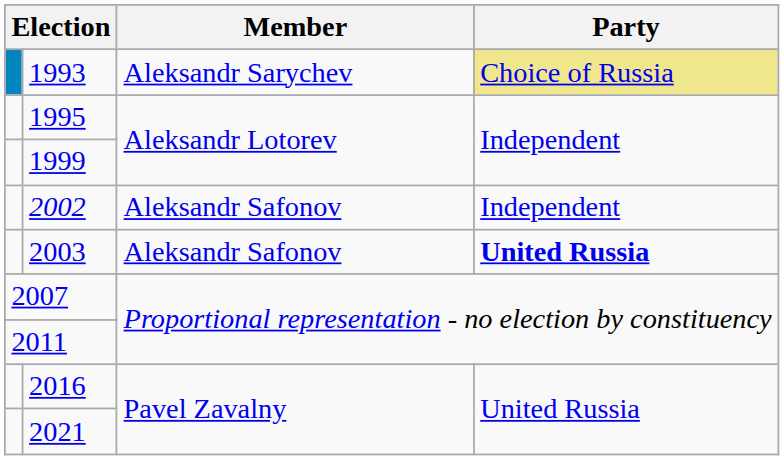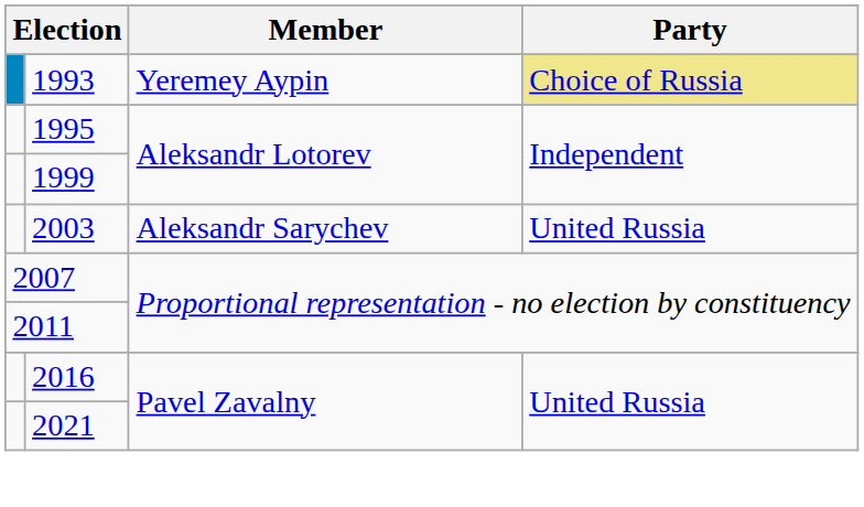 <table class="wikitable">
 <tr>
 <th colspan="2">Election</th>
 <th>Member</th>
 <th>Party</th>
 </tr>
 <tr>
 <td style="background-color:#0085BE"></td>
 <td><a href='#'>1993</a></td>
-<td><a href='#'>Aleksandr Sarychev</a></td>
+<td><a href='#'>Yeremey Aypin</a></td>
 <td style="background: khaki;"><a href='#'>Choice of Russia</a></td>
 </tr>
 <tr>
 <td style="background-color:"></td>
 <td><a href='#'>1995</a></td>
 <td rowspan=2><a href='#'>Aleksandr Lotorev</a></td>
 <td rowspan=2><a href='#'>Independent</a></td>
 </tr>
 <tr>
 <td style="background-color:"></td>
 <td><a href='#'>1999</a></td>
 </tr>
 <tr>
 <td style="background-color:"></td>
-<td><em><a href='#'>2002</a></em></td>
-<td><a href='#'>Aleksandr Safonov</a></td>
-<td><a href='#'>Independent</a></td>
-</tr>
-<tr>
-<td style="background-color:"></td>
 <td><a href='#'>2003</a></td>
-<td><a href='#'>Aleksandr Safonov</a></td>
-<td><strong><a href='#'>United Russia</a></strong></td>
+<td><a href='#'>Aleksandr Sarychev</a></td>
+<td><a href='#'>United Russia</a></td>
 </tr>
 <tr>
 <td colspan=2><a href='#'>2007</a></td>
 <td colspan=2 rowspan=2><em><a href='#'>Proportional representation</a> - no election by constituency</em></td>
 </tr>
 <tr>
 <td colspan=2><a href='#'>2011</a></td>
 </tr>
 <tr>
 <td style="background-color: "></td>
 <td><a href='#'>2016</a></td>
 <td rowspan=2><a href='#'>Pavel Zavalny</a></td>
 <td rowspan=2><a href='#'>United Russia</a></td>
 </tr>
 <tr>
 <td style="background-color: "></td>
 <td><a href='#'>2021</a></td>
 </tr>
 </table>
